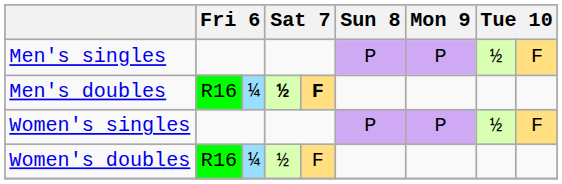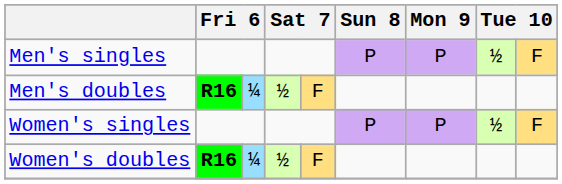 <table class="wikitable" style="margin:0.5em auto; font-size:90%; line-height:1.25em;">
 <tr style="text-align:center;">
 <th></th>
 <th colspan="2">Fri 6</th>
 <th colspan="2">Sat 7</th>
 <th colspan="3">Sun 8</th>
 <th colspan="3">Mon 9</th>
 <th colspan="2">Tue 10</th>
 </tr>
 <tr style="text-align:center;">
 <td style="text-align:left;"><a href='#'>Men's singles</a></td>
 <td colspan="2"></td>
 <td colspan="2"></td>
 <td colspan="3" style="background-color:#D0A9F5;">P</td>
 <td colspan="3" style="background-color:#D0A9F5;">P</td>
 <td style="background-color:#D9FFB2;">½</td>
 <td style="background-color:#FFDF80;">F</td>
 </tr>
 <tr style="text-align:center;">
 <td style="text-align:left;"><a href='#'>Men's doubles</a></td>
-<td style="background-color:#00FF00;">R16</td>
+<td style="background-color:#00FF00;"><strong>R16</strong></td>
 <td style="background-color:#97DEFF;">¼</td>
-<td style="background-color:#D9FFB2;"><strong>½</strong></td>
-<td style="background-color:#FFDF80;"><strong>F</strong></td>
+<td style="background-color:#D9FFB2;">½</td>
+<td style="background-color:#FFDF80;">F</td>
 <td colspan="3"></td>
 <td colspan="3"></td>
 <td></td>
 <td></td>
 </tr>
 <tr style="text-align:center;">
 <td style="text-align:left;"><a href='#'>Women's singles</a></td>
 <td colspan="2"></td>
 <td colspan="2"></td>
 <td colspan="3" style="background-color:#D0A9F5;">P</td>
 <td colspan="3" style="background-color:#D0A9F5;">P</td>
 <td style="background-color:#D9FFB2;">½</td>
 <td style="background-color:#FFDF80;">F</td>
 </tr>
 <tr style="text-align:center;">
 <td style="text-align:left;"><a href='#'>Women's doubles</a></td>
-<td style="background-color:#00FF00;">R16</td>
+<td style="background-color:#00FF00;"><strong>R16</strong></td>
 <td style="background-color:#97DEFF;">¼</td>
 <td style="background-color:#D9FFB2;">½</td>
 <td style="background-color:#FFDF80;">F</td>
 <td colspan="3"></td>
 <td colspan="3"></td>
 <td></td>
 <td></td>
 </tr>
 <tr style="text-align:center;">
 </tr>
 </table>
